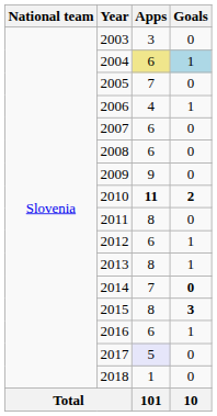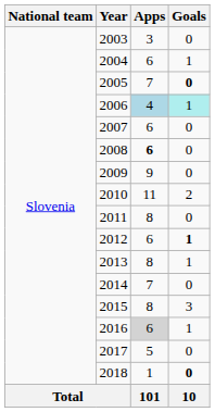 <table class="wikitable" style="text-align:center">
 <tr>
 <th>National team</th>
 <th>Year</th>
 <th>Apps</th>
 <th>Goals</th>
 </tr>
 <tr>
 <td rowspan="16"><a href='#'>Slovenia</a></td>
 <td>2003</td>
 <td>3</td>
 <td>0</td>
 </tr>
 <tr>
 <td>2004</td>
-<td style="background: khaki;">6</td>
-<td style="background: lightblue;">1</td>
+<td>6</td>
+<td>1</td>
 </tr>
 <tr>
 <td>2005</td>
 <td>7</td>
-<td>0</td>
+<td><strong>0</strong></td>
 </tr>
 <tr>
 <td>2006</td>
-<td>4</td>
-<td>1</td>
+<td style="background: lightblue;">4</td>
+<td style="background: paleturquoise;">1</td>
 </tr>
 <tr>
 <td>2007</td>
 <td>6</td>
 <td>0</td>
 </tr>
 <tr>
 <td>2008</td>
-<td>6</td>
+<td><strong>6</strong></td>
 <td>0</td>
 </tr>
 <tr>
 <td>2009</td>
 <td>9</td>
 <td>0</td>
 </tr>
 <tr>
 <td>2010</td>
-<td><strong>11</strong></td>
-<td><strong>2</strong></td>
+<td>11</td>
+<td>2</td>
 </tr>
 <tr>
 <td>2011</td>
 <td>8</td>
 <td>0</td>
 </tr>
 <tr>
 <td>2012</td>
 <td>6</td>
-<td>1</td>
+<td><strong>1</strong></td>
 </tr>
 <tr>
 <td>2013</td>
 <td>8</td>
 <td>1</td>
 </tr>
 <tr>
 <td>2014</td>
 <td>7</td>
-<td><strong>0</strong></td>
+<td>0</td>
 </tr>
 <tr>
 <td>2015</td>
 <td>8</td>
-<td><strong>3</strong></td>
+<td>3</td>
 </tr>
 <tr>
 <td>2016</td>
-<td>6</td>
+<td style="background: lightgrey;">6</td>
 <td>1</td>
 </tr>
 <tr>
 <td>2017</td>
-<td style="background: lavender;">5</td>
+<td>5</td>
 <td>0</td>
 </tr>
 <tr>
 <td>2018</td>
 <td>1</td>
-<td>0</td>
+<td><strong>0</strong></td>
 </tr>
 <tr>
 <th colspan="2">Total</th>
 <th>101</th>
 <th>10</th>
 </tr>
 </table>
